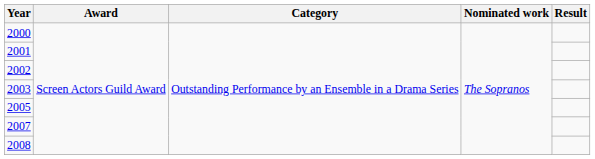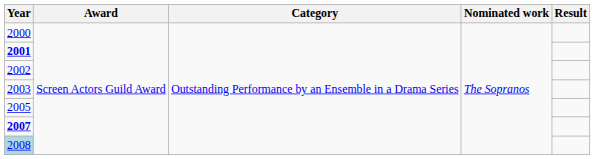 <table class="wikitable sortable">
 <tr>
 <th>Year</th>
 <th>Award</th>
 <th>Category</th>
 <th>Nominated work</th>
 <th>Result</th>
 </tr>
 <tr>
 <td><a href='#'>2000</a></td>
 <td rowspan="7"><a href='#'>Screen Actors Guild Award</a></td>
 <td rowspan="7"><a href='#'>Outstanding Performance by an Ensemble in a Drama Series</a></td>
 <td rowspan="7"><em><a href='#'>The Sopranos</a></em></td>
 <td></td>
 </tr>
 <tr>
-<td><a href='#'>2001</a></td>
+<td><strong><a href='#'>2001</a></strong></td>
 <td></td>
 </tr>
 <tr>
 <td><a href='#'>2002</a></td>
 <td></td>
 </tr>
 <tr>
 <td><a href='#'>2003</a></td>
 <td></td>
 </tr>
 <tr>
 <td><a href='#'>2005</a></td>
 <td></td>
 </tr>
 <tr>
-<td><a href='#'>2007</a></td>
+<td><strong><a href='#'>2007</a></strong></td>
 <td></td>
 </tr>
 <tr>
-<td><a href='#'>2008</a></td>
+<td style="background: lightblue;"><a href='#'>2008</a></td>
 <td></td>
 </tr>
 </table>
